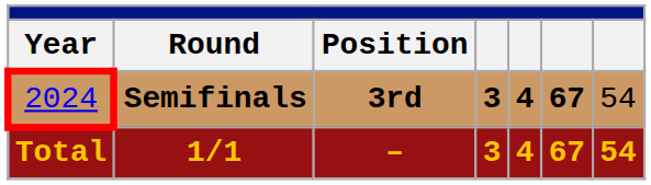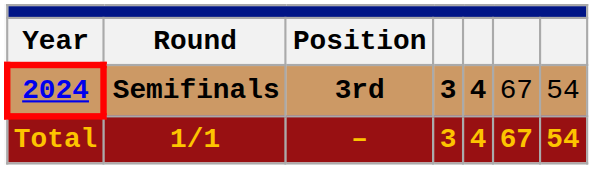 <table class="wikitable" style="text-align: center;">
 <tr>
 <th style="background:#001586;" colspan="7"><a href='#'></a></th>
 </tr>
 <tr>
 <th>Year</th>
 <th>Round</th>
 <th>Position</th>
 <th></th>
 <th></th>
 <th></th>
 <th></th>
 </tr>
 <tr style="background:#CC9965;">
-<td style="border: 3px solid red"> <a href='#'>2024</a></td>
+<td style="border: 3px solid red"><strong> <a href='#'>2024</a></strong></td>
 <td><strong>Semifinals</strong></td>
 <td><strong>3rd</strong></td>
 <td><strong>3</strong></td>
 <td><strong>4</strong></td>
-<td><strong>67</strong></td>
+<td>67</td>
 <td>54</td>
 </tr>
 <tr>
 <th style="color:#FDC400; background:#981012;">Total</th>
 <th style="color:#FDC400; background:#981012;">1/1</th>
 <th style="color:#FDC400; background:#981012;">–</th>
 <th style="color:#FDC400; background:#981012;">3</th>
 <th style="color:#FDC400; background:#981012;">4</th>
 <th style="color:#FDC400; background:#981012;">67</th>
 <th style="color:#FDC400; background:#981012;">54</th>
 </tr>
 </table>
